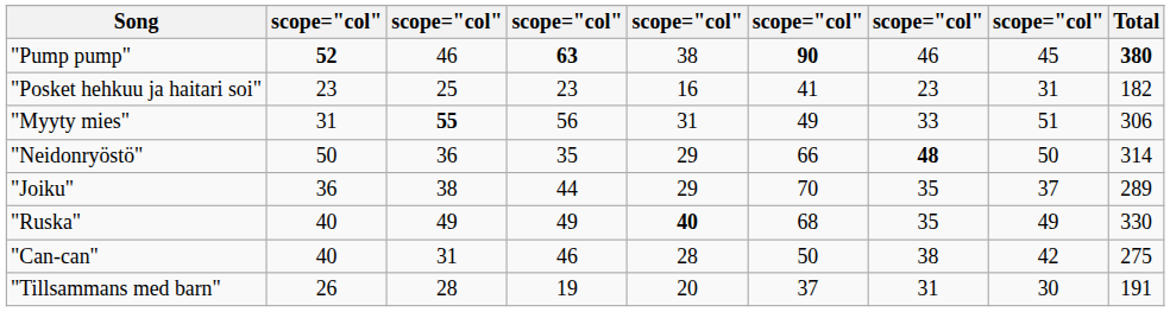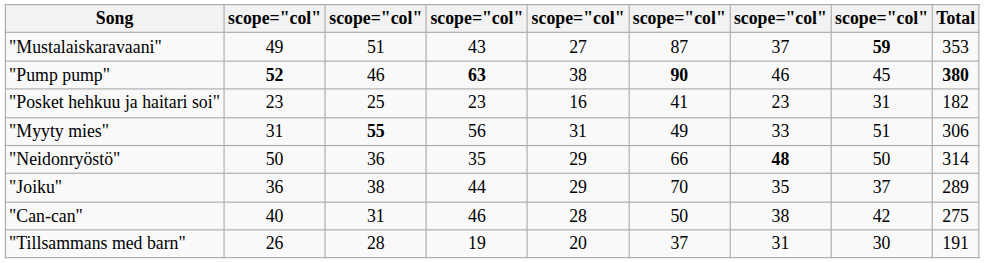 <table class="wikitable plainrowheaders" style="margin: 1em auto 1em auto; text-align:center;">
 <tr>
 </tr>
 <tr>
 <th scope="col">Song</th>
 <th>scope="col" </th>
 <th>scope="col" </th>
 <th>scope="col" </th>
 <th>scope="col" </th>
 <th>scope="col" </th>
 <th>scope="col" </th>
 <th>scope="col" </th>
 <th scope="col">Total</th>
+</tr>
+<tr>
+<td align="left">"Mustalaiskaravaani"</td>
+<td>49</td>
+<td>51</td>
+<td>43</td>
+<td>27</td>
+<td>87</td>
+<td>37</td>
+<td><strong>59</strong></td>
+<td>353</td>
 </tr>
 <tr>
 <td align="left">"Pump pump"</td>
 <td><strong>52</strong></td>
 <td>46</td>
 <td><strong>63</strong></td>
 <td>38</td>
 <td><strong>90</strong></td>
 <td>46</td>
 <td>45</td>
 <td><strong>380</strong></td>
 </tr>
 <tr>
 <td align="left">"Posket hehkuu ja haitari soi"</td>
 <td>23</td>
 <td>25</td>
 <td>23</td>
 <td>16</td>
 <td>41</td>
 <td>23</td>
 <td>31</td>
 <td>182</td>
 </tr>
 <tr>
 <td align="left">"Myyty mies"</td>
 <td>31</td>
 <td><strong>55</strong></td>
 <td>56</td>
 <td>31</td>
 <td>49</td>
 <td>33</td>
 <td>51</td>
 <td>306</td>
 </tr>
 <tr>
 <td align="left">"Neidonryöstö"</td>
 <td>50</td>
 <td>36</td>
 <td>35</td>
 <td>29</td>
 <td>66</td>
 <td><strong>48</strong></td>
 <td>50</td>
 <td>314</td>
 </tr>
 <tr>
 <td align="left">"Joiku"</td>
 <td>36</td>
 <td>38</td>
 <td>44</td>
 <td>29</td>
 <td>70</td>
 <td>35</td>
 <td>37</td>
 <td>289</td>
 </tr>
 <tr>
-<td align="left">"Ruska"</td>
-<td>40</td>
-<td>49</td>
-<td>49</td>
-<td><strong>40</strong></td>
-<td>68</td>
-<td>35</td>
-<td>49</td>
-<td>330</td>
-</tr>
-<tr>
 <td align="left">"Can-can"</td>
 <td>40</td>
 <td>31</td>
 <td>46</td>
 <td>28</td>
 <td>50</td>
 <td>38</td>
 <td>42</td>
 <td>275</td>
 </tr>
 <tr>
 <td align="left">"Tillsammans med barn"</td>
 <td>26</td>
 <td>28</td>
 <td>19</td>
 <td>20</td>
 <td>37</td>
 <td>31</td>
 <td>30</td>
 <td>191</td>
 </tr>
 </table>
